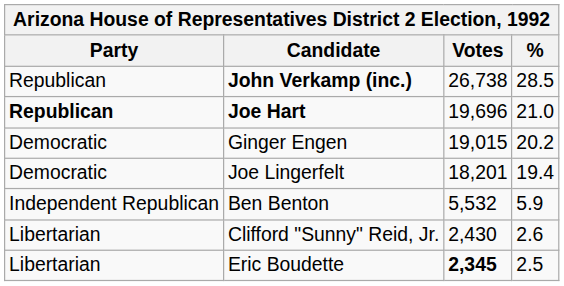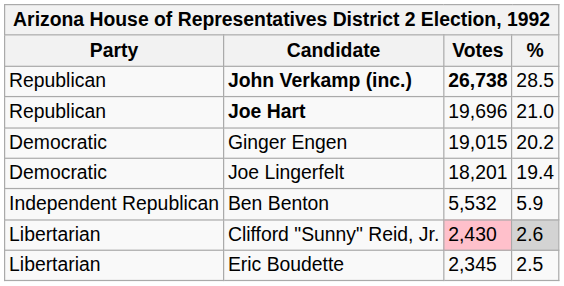 <table class="wikitable">
 <tr>
 <th colspan="4">Arizona House of Representatives District 2 Election, 1992</th>
 </tr>
 <tr>
 <th>Party</th>
 <th>Candidate</th>
 <th>Votes</th>
 <th>%</th>
 </tr>
 <tr>
 <td>Republican</td>
 <td><strong>John Verkamp (inc.)</strong></td>
-<td>26,738</td>
+<td><strong>26,738</strong></td>
 <td>28.5</td>
 </tr>
 <tr>
-<td><strong>Republican</strong></td>
+<td>Republican</td>
 <td><strong>Joe Hart</strong></td>
 <td>19,696</td>
 <td>21.0</td>
 </tr>
 <tr>
 <td>Democratic</td>
 <td>Ginger Engen</td>
 <td>19,015</td>
 <td>20.2</td>
 </tr>
 <tr>
 <td>Democratic</td>
 <td>Joe Lingerfelt</td>
 <td>18,201</td>
 <td>19.4</td>
 </tr>
 <tr>
 <td>Independent Republican</td>
 <td>Ben Benton</td>
 <td>5,532</td>
 <td>5.9</td>
 </tr>
 <tr>
 <td>Libertarian</td>
 <td>Clifford "Sunny" Reid, Jr.</td>
-<td>2,430</td>
-<td>2.6</td>
+<td style="background: pink;">2,430</td>
+<td style="background: lightgrey;">2.6</td>
 </tr>
 <tr>
 <td>Libertarian</td>
 <td>Eric Boudette</td>
-<td><strong>2,345</strong></td>
+<td>2,345</td>
 <td>2.5</td>
 </tr>
 </table>
